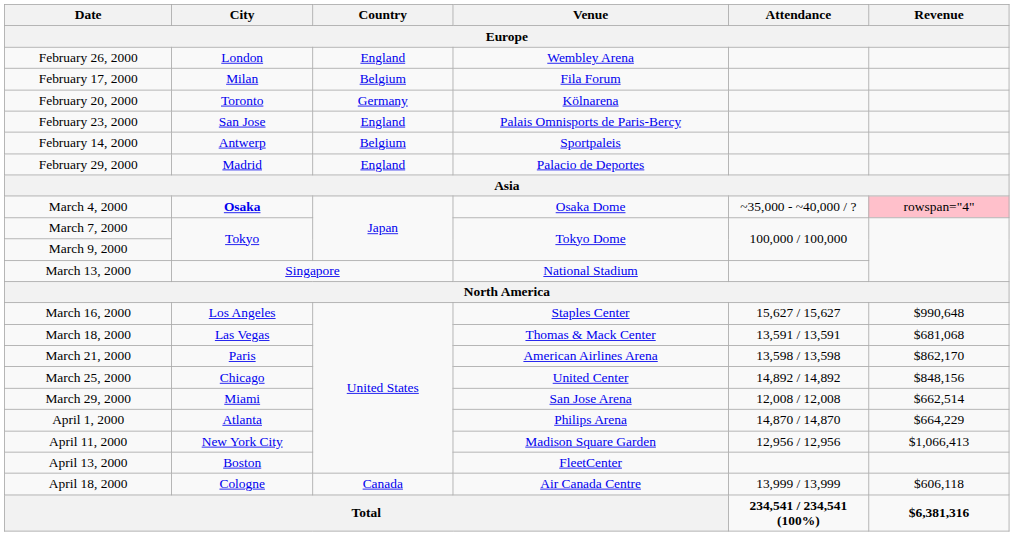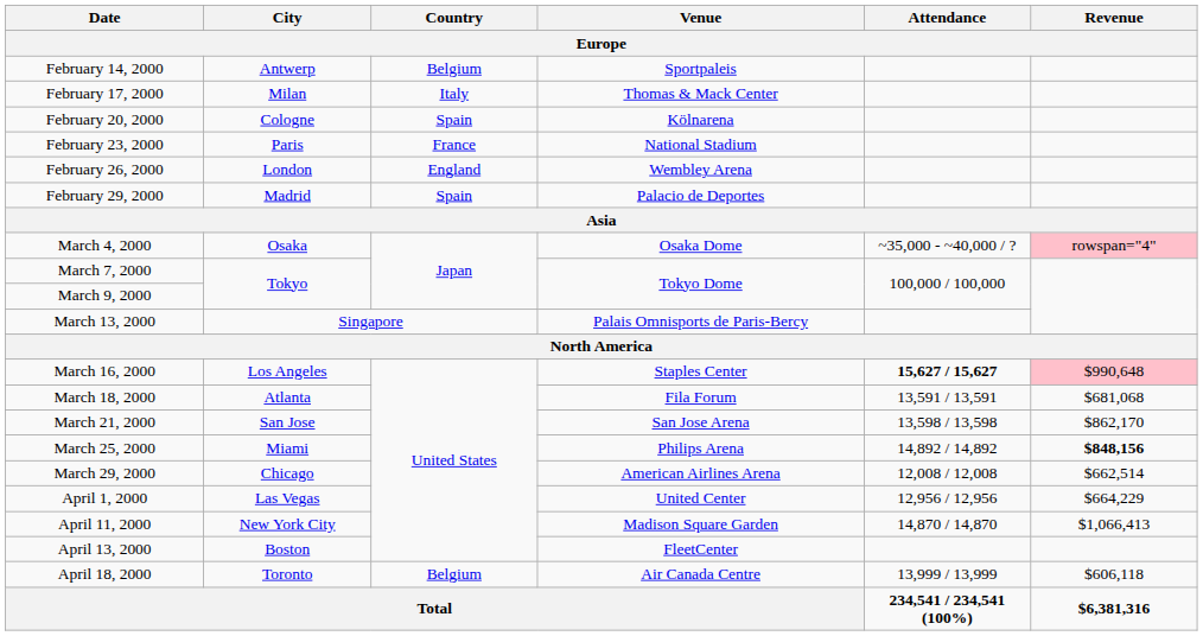 <table class="wikitable plainrowheaders" style="text-align:center;">
 <tr>
 <th scope="col" style="width:12em;">Date</th>
 <th scope="col" style="width:10em;">City</th>
 <th scope="col" style="width:10em;">Country</th>
 <th scope="col" style="width:20em;">Venue</th>
 <th scope="col" style="width:10em;">Attendance</th>
 <th scope="col" style="width:10em;">Revenue</th>
 </tr>
 <tr>
 <th colspan="6">Europe</th>
 </tr>
 <tr>
+<td>February 14, 2000</td>
+<td><a href='#'>Antwerp</a></td>
+<td><a href='#'>Belgium</a></td>
+<td><a href='#'>Sportpaleis</a></td>
+<td></td>
+<td></td>
+</tr>
+<tr>
+<td>February 17, 2000</td>
+<td><a href='#'>Milan</a></td>
+<td><a href='#'>Italy</a></td>
+<td><a href='#'>Thomas & Mack Center</a></td>
+<td></td>
+<td></td>
+</tr>
+<tr>
+<td>February 20, 2000</td>
+<td><a href='#'>Cologne</a></td>
+<td><a href='#'>Spain</a></td>
+<td><a href='#'>Kölnarena</a></td>
+<td></td>
+<td></td>
+</tr>
+<tr>
+<td>February 23, 2000</td>
+<td><a href='#'>Paris</a></td>
+<td><a href='#'>France</a></td>
+<td><a href='#'>National Stadium</a></td>
+<td></td>
+<td></td>
+</tr>
+<tr>
 <td>February 26, 2000</td>
 <td><a href='#'>London</a></td>
 <td><a href='#'>England</a></td>
 <td><a href='#'>Wembley Arena</a></td>
 <td></td>
 <td></td>
 </tr>
 <tr>
-<td>February 17, 2000</td>
-<td><a href='#'>Milan</a></td>
-<td><a href='#'>Belgium</a></td>
-<td><a href='#'>Fila Forum</a></td>
-<td></td>
-<td></td>
-</tr>
-<tr>
-<td>February 20, 2000</td>
-<td><a href='#'>Toronto</a></td>
-<td><a href='#'>Germany</a></td>
-<td><a href='#'>Kölnarena</a></td>
-<td></td>
-<td></td>
-</tr>
-<tr>
-<td>February 23, 2000</td>
-<td><a href='#'>San Jose</a></td>
-<td><a href='#'>England</a></td>
-<td><a href='#'>Palais Omnisports de Paris-Bercy</a></td>
-<td></td>
-<td></td>
-</tr>
-<tr>
-<td>February 14, 2000</td>
-<td><a href='#'>Antwerp</a></td>
-<td><a href='#'>Belgium</a></td>
-<td><a href='#'>Sportpaleis</a></td>
-<td></td>
-<td></td>
-</tr>
-<tr>
 <td>February 29, 2000</td>
 <td><a href='#'>Madrid</a></td>
-<td><a href='#'>England</a></td>
+<td><a href='#'>Spain</a></td>
 <td><a href='#'>Palacio de Deportes</a></td>
 <td></td>
 <td></td>
 </tr>
 <tr>
 <th colspan="6">Asia</th>
 </tr>
 <tr>
 <td>March 4, 2000</td>
-<td><strong><a href='#'>Osaka</a></strong></td>
+<td><a href='#'>Osaka</a></td>
 <td rowspan=3><a href='#'>Japan</a></td>
 <td><a href='#'>Osaka Dome</a></td>
 <td>~35,000 - ~40,000 / ?</td>
 <td style="background: pink;">rowspan="4" </td>
 </tr>
 <tr>
 <td>March 7, 2000</td>
 <td rowspan=2><a href='#'>Tokyo</a></td>
 <td rowspan=2><a href='#'>Tokyo Dome</a></td>
 <td rowspan=2>100,000 / 100,000</td>
 </tr>
 <tr>
 <td>March 9, 2000</td>
 </tr>
 <tr>
 <td>March 13, 2000</td>
 <td colspan="2"><a href='#'>Singapore</a></td>
-<td><a href='#'>National Stadium</a></td>
+<td><a href='#'>Palais Omnisports de Paris-Bercy</a></td>
 <td></td>
 </tr>
 <tr>
 <th colspan="6">North America</th>
 </tr>
 <tr>
 <td>March 16, 2000</td>
 <td><a href='#'>Los Angeles</a></td>
 <td rowspan=8><a href='#'>United States</a></td>
 <td><a href='#'>Staples Center</a></td>
-<td>15,627 / 15,627</td>
-<td>$990,648</td>
+<td><strong>15,627 / 15,627</strong></td>
+<td style="background: pink;">$990,648</td>
 </tr>
 <tr>
 <td>March 18, 2000</td>
-<td><a href='#'>Las Vegas</a></td>
-<td><a href='#'>Thomas & Mack Center</a></td>
+<td><a href='#'>Atlanta</a></td>
+<td><a href='#'>Fila Forum</a></td>
 <td>13,591 / 13,591</td>
 <td>$681,068</td>
 </tr>
 <tr>
 <td>March 21, 2000</td>
-<td><a href='#'>Paris</a></td>
-<td><a href='#'>American Airlines Arena</a></td>
+<td><a href='#'>San Jose</a></td>
+<td><a href='#'>San Jose Arena</a></td>
 <td>13,598 / 13,598</td>
 <td>$862,170</td>
 </tr>
 <tr>
 <td>March 25, 2000</td>
-<td><a href='#'>Chicago</a></td>
-<td><a href='#'>United Center</a></td>
+<td><a href='#'>Miami</a></td>
+<td><a href='#'>Philips Arena</a></td>
 <td>14,892 / 14,892</td>
-<td>$848,156</td>
+<td><strong>$848,156</strong></td>
 </tr>
 <tr>
 <td>March 29, 2000</td>
-<td><a href='#'>Miami</a></td>
-<td><a href='#'>San Jose Arena</a></td>
+<td><a href='#'>Chicago</a></td>
+<td><a href='#'>American Airlines Arena</a></td>
 <td>12,008 / 12,008</td>
 <td>$662,514</td>
 </tr>
 <tr>
 <td>April 1, 2000</td>
-<td><a href='#'>Atlanta</a></td>
-<td><a href='#'>Philips Arena</a></td>
-<td>14,870 / 14,870</td>
+<td><a href='#'>Las Vegas</a></td>
+<td><a href='#'>United Center</a></td>
+<td>12,956 / 12,956</td>
 <td>$664,229</td>
 </tr>
 <tr>
 <td>April 11, 2000</td>
 <td><a href='#'>New York City</a></td>
 <td><a href='#'>Madison Square Garden</a></td>
-<td>12,956 / 12,956</td>
+<td>14,870 / 14,870</td>
 <td>$1,066,413</td>
 </tr>
 <tr>
 <td>April 13, 2000</td>
 <td><a href='#'>Boston</a></td>
 <td><a href='#'>FleetCenter</a></td>
 <td></td>
 <td></td>
 </tr>
 <tr>
 <td>April 18, 2000</td>
-<td><a href='#'>Cologne</a></td>
-<td><a href='#'>Canada</a></td>
+<td><a href='#'>Toronto</a></td>
+<td><a href='#'>Belgium</a></td>
 <td><a href='#'>Air Canada Centre</a></td>
 <td>13,999 / 13,999</td>
 <td>$606,118</td>
 </tr>
 <tr>
 <th colspan="4">Total</th>
 <td><strong>234,541 / 234,541 (100%)</strong></td>
 <td><strong>$6,381,316</strong></td>
 </tr>
 </table>
